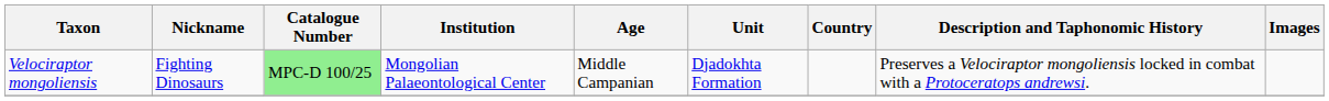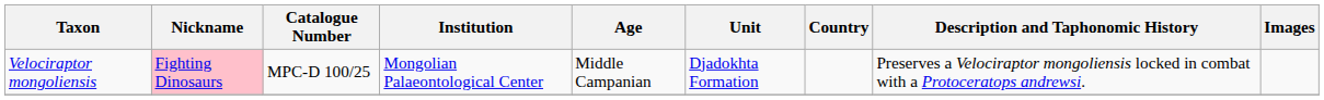 <table class="wikitable sortable" align="center" width="100%">
 <tr>
 <th>Taxon</th>
 <th>Nickname</th>
 <th>Catalogue Number</th>
 <th>Institution</th>
 <th>Age</th>
 <th>Unit</th>
 <th>Country</th>
 <th>Description and Taphonomic History</th>
 <th>Images</th>
 </tr>
 <tr>
 <td><em><a href='#'>Velociraptor mongoliensis</a></em></td>
-<td><a href='#'>Fighting Dinosaurs</a></td>
-<td style="background: lightgreen;">MPC-D 100/25</td>
+<td style="background: pink;"><a href='#'>Fighting Dinosaurs</a></td>
+<td>MPC-D 100/25</td>
 <td><a href='#'>Mongolian Palaeontological Center</a></td>
 <td>Middle Campanian</td>
 <td><a href='#'>Djadokhta Formation</a></td>
 <td></td>
 <td>Preserves a <em>Velociraptor mongoliensis</em> locked in combat with a <em><a href='#'>Protoceratops andrewsi</a></em>.</td>
 <td></td>
 </tr>
 <tr>
 </tr>
 </table>
